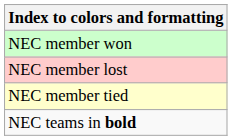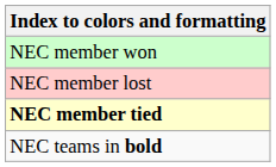 <table class="wikitable">
 <tr>
 <th>Index to colors and formatting</th>
 </tr>
 <tr style="background:#cfc;">
 <td>NEC member won</td>
 </tr>
 <tr style="background:#fcc;">
 <td>NEC member lost</td>
 </tr>
 <tr style="background:#ffc;">
-<td>NEC member tied</td>
+<td><strong>NEC member tied</strong></td>
 </tr>
 <tr>
 <td>NEC teams in <strong>bold</strong></td>
 </tr>
 </table>
